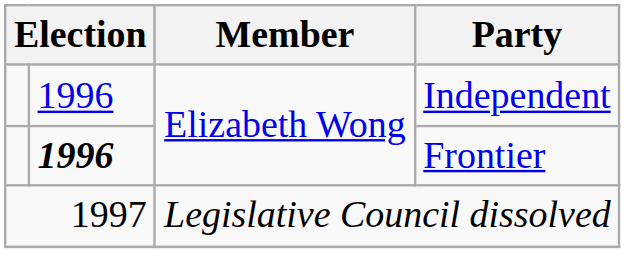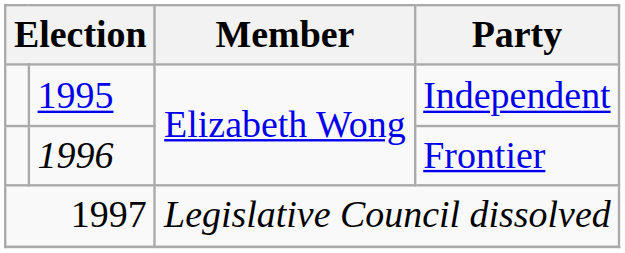 <table class="wikitable">
 <tr>
 <th colspan="2">Election</th>
 <th>Member</th>
 <th>Party</th>
 </tr>
 <tr>
 <td style="background-color: "></td>
-<td><a href='#'>1996</a></td>
+<td><a href='#'>1995</a></td>
 <td rowspan=2><a href='#'>Elizabeth Wong</a></td>
 <td><a href='#'>Independent</a></td>
 </tr>
 <tr>
 <td style="background-color: "></td>
-<td><strong><em>1996</em></strong></td>
+<td><em>1996</em></td>
 <td><a href='#'>Frontier</a></td>
 </tr>
 <tr>
 <td colspan=2 align=right>1997</td>
 <td colspan=2><em>Legislative Council dissolved</em></td>
 </tr>
 <tr>
 </tr>
 </table>
